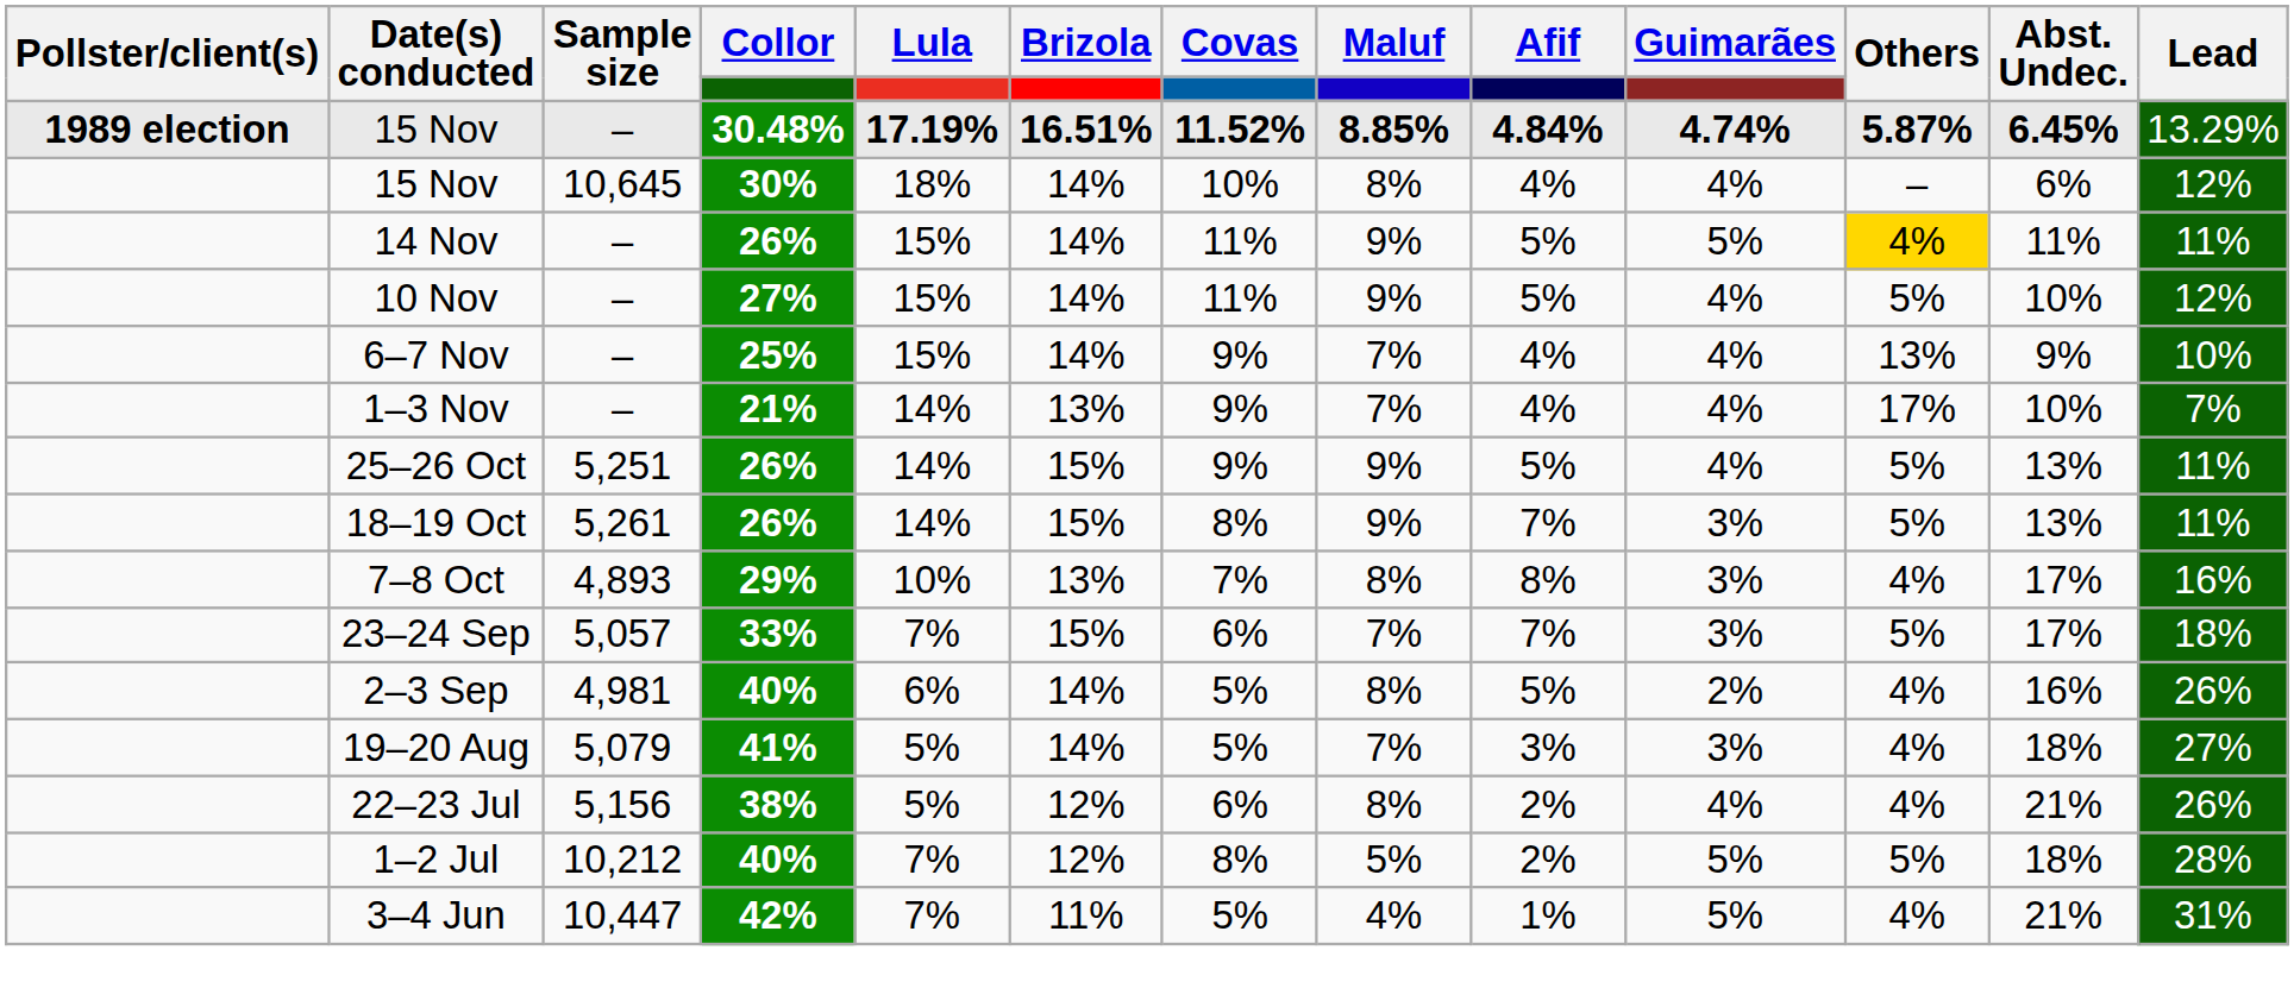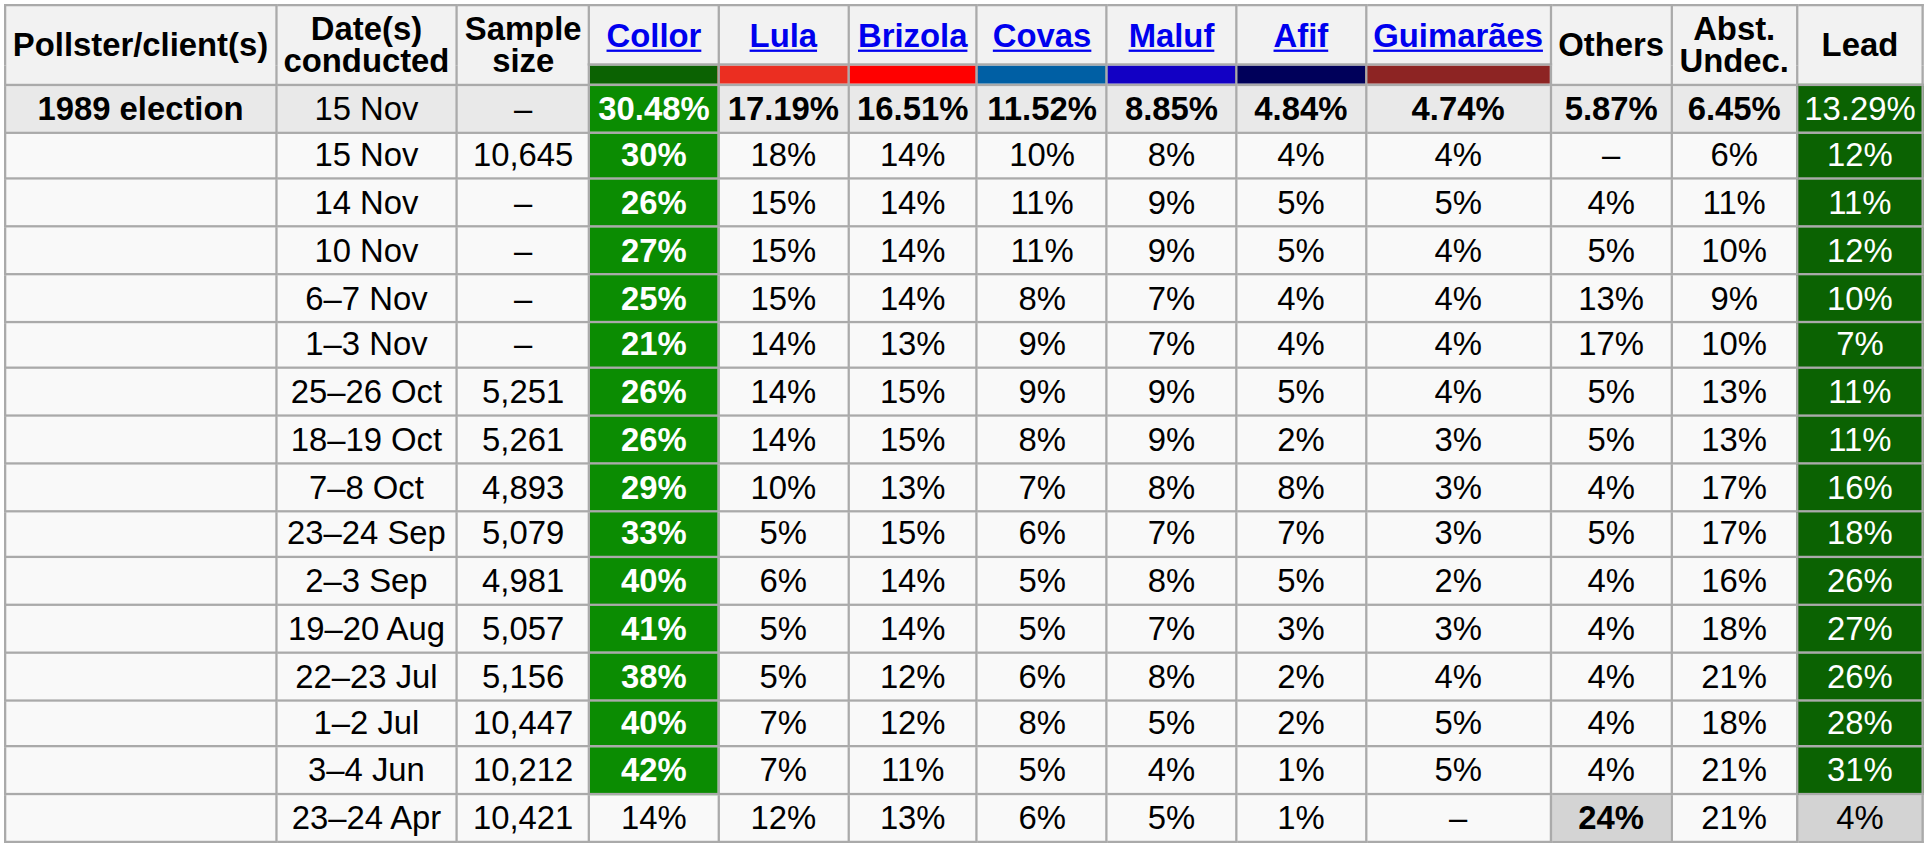 <table class="wikitable sortable" style="text-align:center;font-size:90%;line-height:14px;">
 <tr>
 <th rowspan="2">Pollster/client(s)</th>
 <th rowspan="2">Date(s)<br>conducted</th>
 <th rowspan="2" data-sort-type="number">Sample<br>size</th>
 <th class="unsortable" style="width:50px;"><a href='#'>Collor</a><br></th>
 <th class="unsortable" style="width:50px;"><a href='#'>Lula</a><br></th>
 <th class="unsortable" style="width:50px;"><a href='#'>Brizola</a><br></th>
 <th class="unsortable" style="width:50px;"><a href='#'>Covas</a><br></th>
 <th class="unsortable" style="width:50px;"><a href='#'>Maluf</a><br></th>
 <th class="unsortable" style="width:50px;"><a href='#'>Afif</a><br></th>
 <th class="unsortable" style="width:50px;"><a href='#'>Guimarães</a><br></th>
 <th rowspan="2" class="unsortable">Others</th>
 <th rowspan="2" class="unsortable">Abst.<br>Undec.</th>
 <th rowspan="2" data-sort-type="number">Lead</th>
 </tr>
 <tr>
 <th data-sort-type="number" class="sortable" style="background:#0B6202;"></th>
 <th data-sort-type="number" class="sortable" style="background:#EB2E21;"></th>
 <th data-sort-type="number" class="sortable" style="background:#FF0000;"></th>
 <th data-sort-type="number" class="sortable" style="background:#005FA4;"></th>
 <th data-sort-type="number" class="sortable" style="background:#1200C4;"></th>
 <th data-sort-type="number" class="sortable" style="background:#00005A;"></th>
 <th data-sort-type="number" class="sortable" style="background:#8D2423;"></th>
 </tr>
 <tr style="background:#E9E9E9;">
 <td><strong>1989 election</strong></td>
 <td>15 Nov</td>
 <td>–</td>
 <td style="background:#0B8C02; color:white"><strong>30.48%</strong></td>
 <td><strong>17.19%</strong></td>
 <td><strong>16.51%</strong></td>
 <td><strong>11.52%</strong></td>
 <td><strong>8.85%</strong></td>
 <td><strong>4.84%</strong></td>
 <td><strong>4.74%</strong></td>
 <td><strong>5.87%</strong></td>
 <td><strong>6.45%</strong></td>
 <td style="background:#0B6202; color:white">13.29%</td>
 </tr>
 <tr>
 <td></td>
 <td>15 Nov</td>
 <td>10,645</td>
 <td style="background:#0B8C02; color:white"><strong>30%</strong></td>
 <td>18%</td>
 <td>14%</td>
 <td>10%</td>
 <td>8%</td>
 <td>4%</td>
 <td>4%</td>
 <td>–</td>
 <td>6%</td>
 <td style="background:#0B6202; color:white">12%</td>
 </tr>
 <tr>
 <td></td>
 <td>14 Nov</td>
 <td>–</td>
 <td style="background:#0B8C02; color:white"><strong>26%</strong></td>
 <td>15%</td>
 <td>14%</td>
 <td>11%</td>
 <td>9%</td>
 <td>5%</td>
 <td>5%</td>
-<td style="background: gold;">4%</td>
+<td>4%</td>
 <td>11%</td>
 <td style="background:#0B6202; color:white">11%</td>
 </tr>
 <tr>
 <td></td>
 <td>10 Nov</td>
 <td>–</td>
 <td style="background:#0B8C02; color:white"><strong>27%</strong></td>
 <td>15%</td>
 <td>14%</td>
 <td>11%</td>
 <td>9%</td>
 <td>5%</td>
 <td>4%</td>
 <td>5%</td>
 <td>10%</td>
 <td style="background:#0B6202; color:white">12%</td>
 </tr>
 <tr>
 <td></td>
 <td>6–7 Nov</td>
 <td>–</td>
 <td style="background:#0B8C02; color:white"><strong>25%</strong></td>
 <td>15%</td>
 <td>14%</td>
-<td>9%</td>
+<td>8%</td>
 <td>7%</td>
 <td>4%</td>
 <td>4%</td>
 <td>13%</td>
 <td>9%</td>
 <td style="background:#0B6202; color:white">10%</td>
 </tr>
 <tr>
 <td></td>
 <td>1–3 Nov</td>
 <td>–</td>
 <td style="background:#0B8C02; color:white"><strong>21%</strong></td>
 <td>14%</td>
 <td>13%</td>
 <td>9%</td>
 <td>7%</td>
 <td>4%</td>
 <td>4%</td>
 <td>17%</td>
 <td>10%</td>
 <td style="background:#0B6202; color:white">7%</td>
 </tr>
 <tr>
 <td></td>
 <td>25–26 Oct</td>
 <td>5,251</td>
 <td style="background:#0B8C02; color:white"><strong>26%</strong></td>
 <td>14%</td>
 <td>15%</td>
 <td>9%</td>
 <td>9%</td>
 <td>5%</td>
 <td>4%</td>
 <td>5%</td>
 <td>13%</td>
 <td style="background:#0B6202; color:white">11%</td>
 </tr>
 <tr>
 <td></td>
 <td>18–19 Oct</td>
 <td>5,261</td>
 <td style="background:#0B8C02; color:white"><strong>26%</strong></td>
 <td>14%</td>
 <td>15%</td>
 <td>8%</td>
 <td>9%</td>
-<td>7%</td>
+<td>2%</td>
 <td>3%</td>
 <td>5%</td>
 <td>13%</td>
 <td style="background:#0B6202; color:white">11%</td>
 </tr>
 <tr>
 <td></td>
 <td>7–8 Oct</td>
 <td>4,893</td>
 <td style="background:#0B8C02; color:white"><strong>29%</strong></td>
 <td>10%</td>
 <td>13%</td>
 <td>7%</td>
 <td>8%</td>
 <td>8%</td>
 <td>3%</td>
 <td>4%</td>
 <td>17%</td>
 <td style="background:#0B6202; color:white">16%</td>
 </tr>
 <tr>
 <td></td>
 <td>23–24 Sep</td>
-<td>5,057</td>
+<td>5,079</td>
 <td style="background:#0B8C02; color:white"><strong>33%</strong></td>
-<td>7%</td>
+<td>5%</td>
 <td>15%</td>
 <td>6%</td>
 <td>7%</td>
 <td>7%</td>
 <td>3%</td>
 <td>5%</td>
 <td>17%</td>
 <td style="background:#0B6202; color:white">18%</td>
 </tr>
 <tr>
 <td></td>
 <td>2–3 Sep</td>
 <td>4,981</td>
 <td style="background:#0B8C02; color:white"><strong>40%</strong></td>
 <td>6%</td>
 <td>14%</td>
 <td>5%</td>
 <td>8%</td>
 <td>5%</td>
 <td>2%</td>
 <td>4%</td>
 <td>16%</td>
 <td style="background:#0B6202; color:white">26%</td>
 </tr>
 <tr>
 <td></td>
 <td>19–20 Aug</td>
-<td>5,079</td>
+<td>5,057</td>
 <td style="background:#0B8C02; color:white"><strong>41%</strong></td>
 <td>5%</td>
 <td>14%</td>
 <td>5%</td>
 <td>7%</td>
 <td>3%</td>
 <td>3%</td>
 <td>4%</td>
 <td>18%</td>
 <td style="background:#0B6202; color:white">27%</td>
 </tr>
 <tr>
 <td></td>
 <td>22–23 Jul</td>
 <td>5,156</td>
 <td style="background:#0B8C02; color:white"><strong>38%</strong></td>
 <td>5%</td>
 <td>12%</td>
 <td>6%</td>
 <td>8%</td>
 <td>2%</td>
 <td>4%</td>
 <td>4%</td>
 <td>21%</td>
 <td style="background:#0B6202; color:white">26%</td>
 </tr>
 <tr>
 <td></td>
 <td>1–2 Jul</td>
-<td>10,212</td>
+<td>10,447</td>
 <td style="background:#0B8C02; color:white"><strong>40%</strong></td>
 <td>7%</td>
 <td>12%</td>
 <td>8%</td>
 <td>5%</td>
 <td>2%</td>
 <td>5%</td>
-<td>5%</td>
+<td>4%</td>
 <td>18%</td>
 <td style="background:#0B6202; color:white">28%</td>
 </tr>
 <tr>
 <td></td>
 <td>3–4 Jun</td>
-<td>10,447</td>
+<td>10,212</td>
 <td style="background:#0B8C02; color:white"><strong>42%</strong></td>
 <td>7%</td>
 <td>11%</td>
 <td>5%</td>
 <td>4%</td>
 <td>1%</td>
 <td>5%</td>
 <td>4%</td>
 <td>21%</td>
 <td style="background:#0B6202; color:white">31%</td>
 </tr>
+<tr>
+<td></td>
+<td>23–24 Apr</td>
+<td>10,421</td>
+<td>14%</td>
+<td>12%</td>
+<td>13%</td>
+<td>6%</td>
+<td>5%</td>
+<td>1%</td>
+<td>–</td>
+<td style="background:#D4D4D4;"><strong>24%</strong></td>
+<td>21%</td>
+<td style="background:lightgrey;">4%</td>
+</tr>
 </table>
